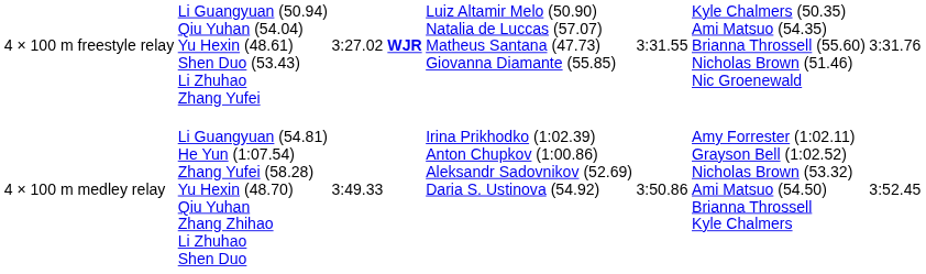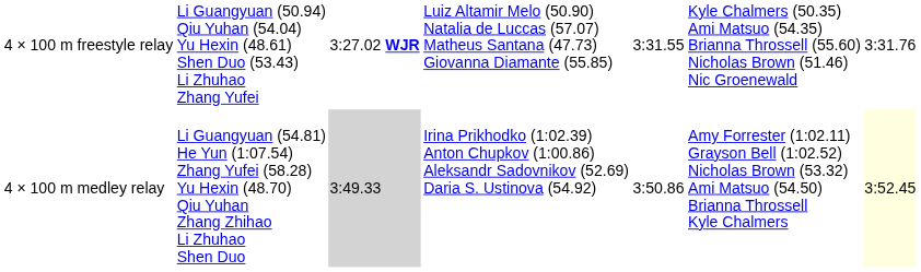 <table>
 <tr>
 <td>4 × 100 m freestyle relay<br></td>
 <td valign=top> <br> <a href='#'>Li Guangyuan</a> (50.94) <br> <a href='#'>Qiu Yuhan</a> (54.04) <br> <a href='#'>Yu Hexin</a> (48.61) <br> <a href='#'>Shen Duo</a> (53.43)<br><a href='#'>Li Zhuhao</a><br><a href='#'>Zhang Yufei</a></td>
 <td>3:27.02 <strong><a href='#'>WJR</a></strong></td>
 <td valign=top> <br> <a href='#'>Luiz Altamir Melo</a> (50.90) <br> <a href='#'>Natalia de Luccas</a> (57.07) <br> <a href='#'>Matheus Santana</a> (47.73) <br> <a href='#'>Giovanna Diamante</a> (55.85)</td>
 <td>3:31.55</td>
 <td valign=top> <br> <a href='#'>Kyle Chalmers</a> (50.35) <br> <a href='#'>Ami Matsuo</a> (54.35) <br> <a href='#'>Brianna Throssell</a> (55.60) <br> <a href='#'>Nicholas Brown</a> (51.46)<br><a href='#'>Nic Groenewald</a></td>
 <td>3:31.76</td>
 </tr>
 <tr>
 <td>4 × 100 m medley relay<br></td>
 <td valign=top> <br> <a href='#'>Li Guangyuan</a> (54.81) <br> <a href='#'>He Yun</a> (1:07.54) <br> <a href='#'>Zhang Yufei</a> (58.28) <br> <a href='#'>Yu Hexin</a> (48.70)<br><a href='#'>Qiu Yuhan</a><br><a href='#'>Zhang Zhihao</a><br><a href='#'>Li Zhuhao</a><br><a href='#'>Shen Duo</a></td>
-<td>3:49.33</td>
+<td style="background: lightgrey;">3:49.33</td>
 <td valign=top> <br> <a href='#'>Irina Prikhodko</a> (1:02.39) <br> <a href='#'>Anton Chupkov</a> (1:00.86) <br> <a href='#'>Aleksandr Sadovnikov</a> (52.69) <br> <a href='#'>Daria S. Ustinova</a> (54.92)</td>
 <td>3:50.86</td>
 <td valign=top> <br> <a href='#'>Amy Forrester</a> (1:02.11) <br> <a href='#'>Grayson Bell</a> (1:02.52) <br> <a href='#'>Nicholas Brown</a> (53.32) <br> <a href='#'>Ami Matsuo</a> (54.50)<br><a href='#'>Brianna Throssell</a><br><a href='#'>Kyle Chalmers</a></td>
-<td>3:52.45</td>
+<td style="background: lightyellow;">3:52.45</td>
 </tr>
 </table>
